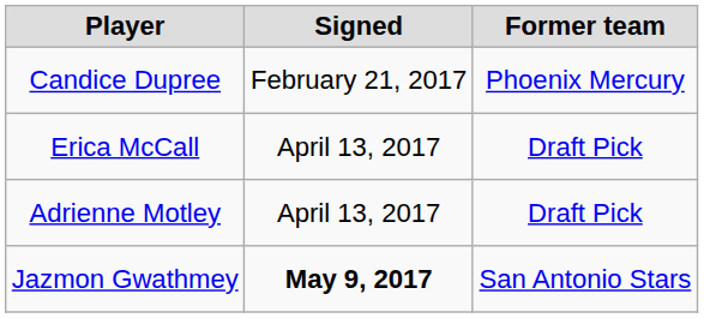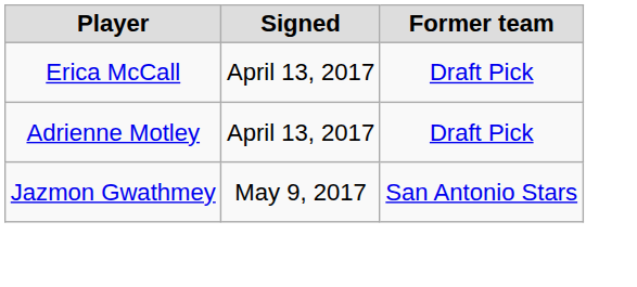 <table class="wikitable" style="text-align: center">
 <tr align="center" bgcolor="#dddddd">
 <td><strong>Player</strong></td>
 <td><strong>Signed</strong></td>
 <td><strong>Former team</strong></td>
-</tr>
-<tr style="height:40px">
-<td><a href='#'>Candice Dupree</a></td>
-<td>February 21, 2017</td>
-<td><a href='#'>Phoenix Mercury</a></td>
 </tr>
 <tr style="height:40px">
 <td><a href='#'>Erica McCall</a></td>
 <td>April 13, 2017</td>
 <td><a href='#'>Draft Pick</a></td>
 </tr>
 <tr style="height:40px">
 <td><a href='#'>Adrienne Motley</a></td>
 <td>April 13, 2017</td>
 <td><a href='#'>Draft Pick</a></td>
 </tr>
 <tr style="height:40px">
 <td><a href='#'>Jazmon Gwathmey</a></td>
-<td><strong>May 9, 2017</strong></td>
+<td>May 9, 2017</td>
 <td><a href='#'>San Antonio Stars</a></td>
 </tr>
 </table>
